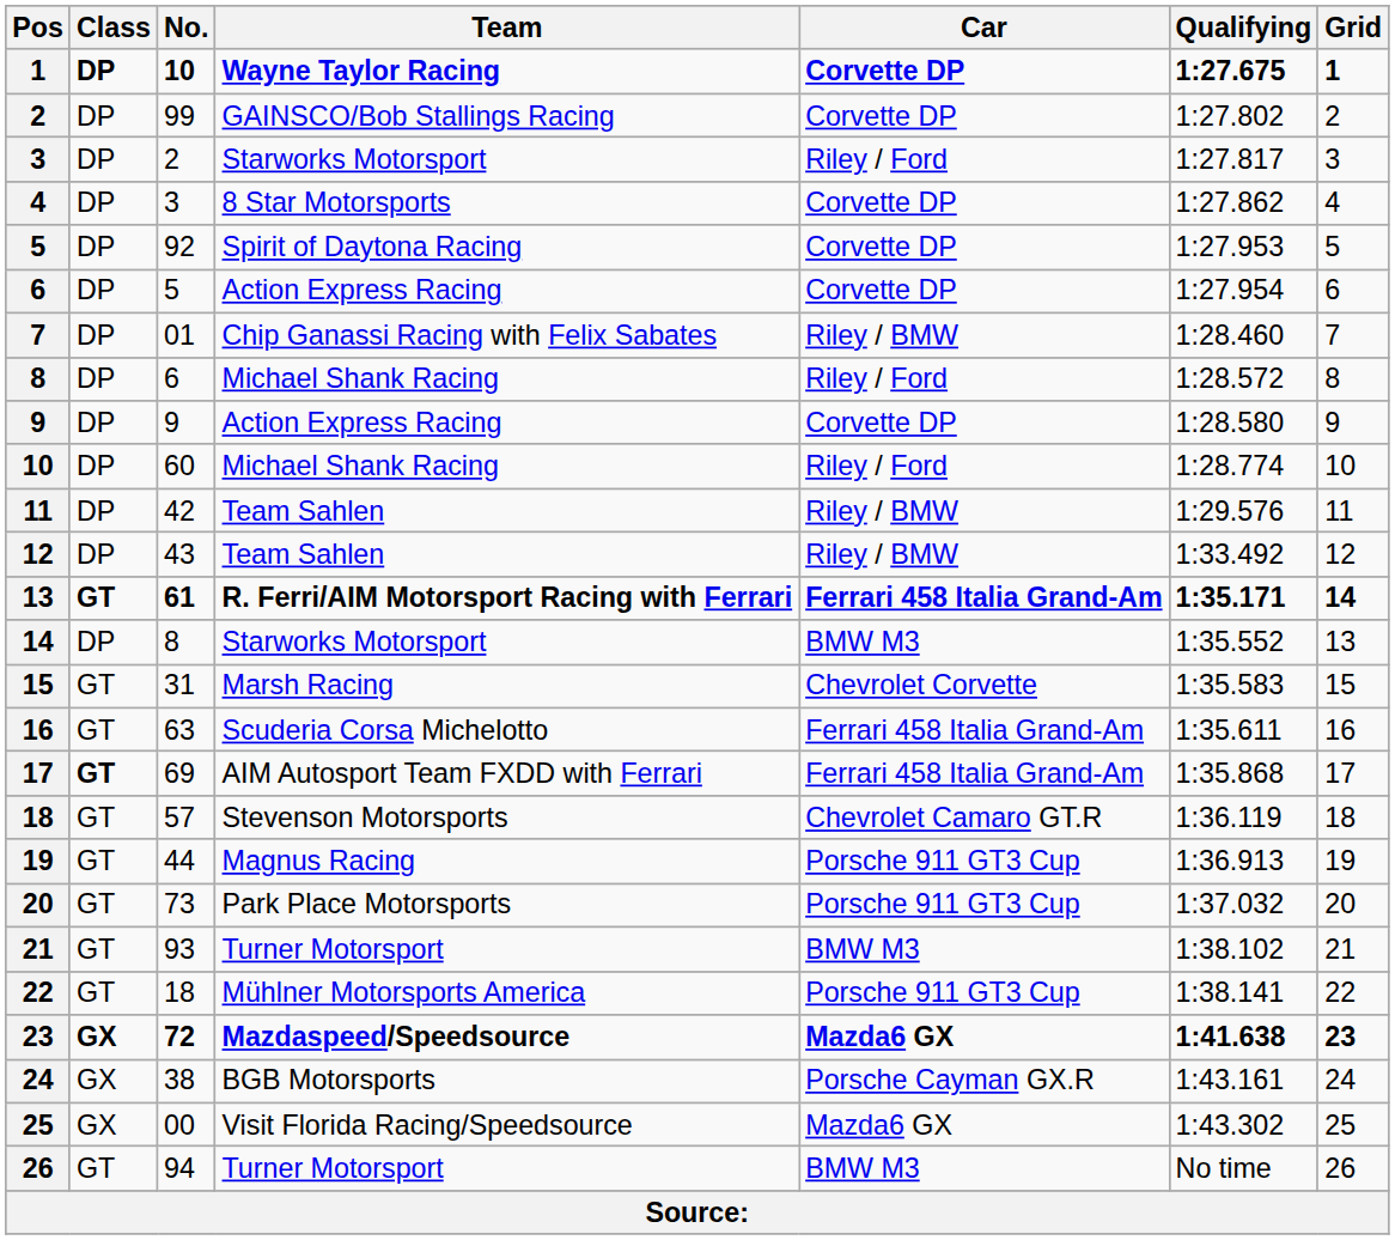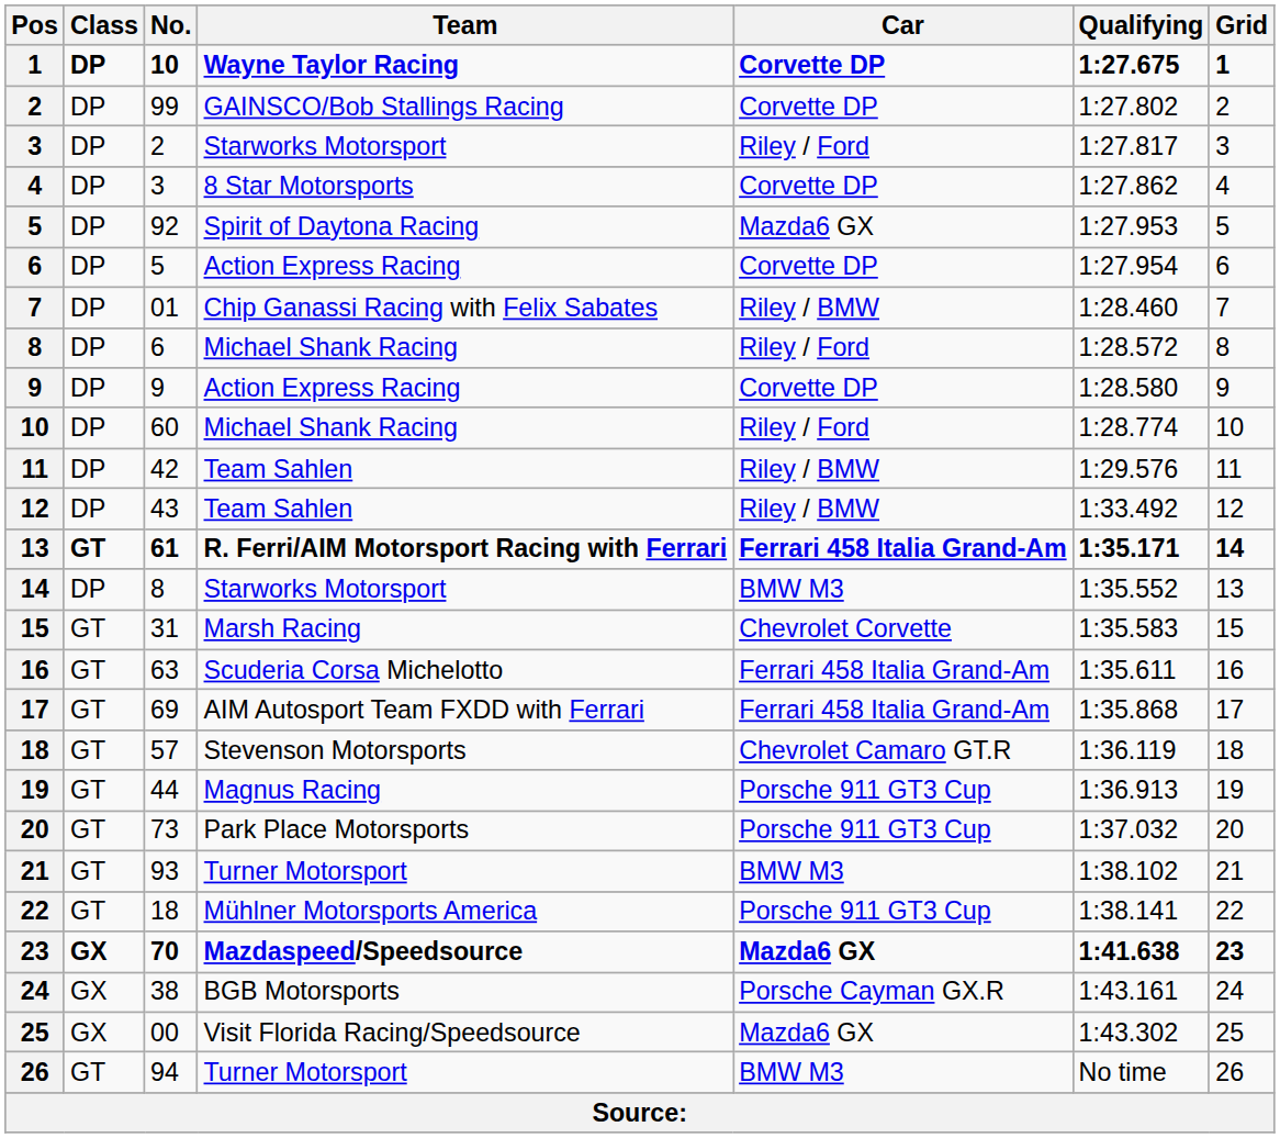 <table class="wikitable" style="font-size: 85%;">
 <tr>
 <th>Pos</th>
 <th>Class</th>
 <th>No.</th>
 <th>Team</th>
 <th>Car</th>
 <th>Qualifying</th>
 <th>Grid</th>
 </tr>
 <tr>
 <th>1</th>
 <td><strong>DP</strong></td>
 <td><strong>10</strong></td>
 <td><strong><a href='#'>Wayne Taylor Racing</a></strong></td>
 <td><a href='#'><strong>Corvette DP</strong></a></td>
 <td><strong>1:27.675</strong></td>
 <td><strong>1</strong></td>
 </tr>
 <tr>
 <th>2</th>
 <td>DP</td>
 <td>99</td>
 <td><a href='#'>GAINSCO/Bob Stallings Racing</a></td>
 <td><a href='#'>Corvette DP</a></td>
 <td>1:27.802</td>
 <td>2</td>
 </tr>
 <tr>
 <th>3</th>
 <td>DP</td>
 <td>2</td>
 <td><a href='#'>Starworks Motorsport</a></td>
 <td><a href='#'>Riley</a> / <a href='#'>Ford</a></td>
 <td>1:27.817</td>
 <td>3</td>
 </tr>
 <tr>
 <th>4</th>
 <td>DP</td>
 <td>3</td>
 <td><a href='#'>8 Star Motorsports</a></td>
 <td><a href='#'>Corvette DP</a></td>
 <td>1:27.862</td>
 <td>4</td>
 </tr>
 <tr>
 <th>5</th>
 <td>DP</td>
 <td>92</td>
 <td><a href='#'>Spirit of Daytona Racing</a></td>
-<td><a href='#'>Corvette DP</a></td>
+<td><a href='#'>Mazda6</a> GX</td>
 <td>1:27.953</td>
 <td>5</td>
 </tr>
 <tr>
 <th>6</th>
 <td>DP</td>
 <td>5</td>
 <td><a href='#'>Action Express Racing</a></td>
 <td><a href='#'>Corvette DP</a></td>
 <td>1:27.954</td>
 <td>6</td>
 </tr>
 <tr>
 <th>7</th>
 <td>DP</td>
 <td>01</td>
 <td><a href='#'>Chip Ganassi Racing</a> with <a href='#'>Felix Sabates</a></td>
 <td><a href='#'>Riley</a> / <a href='#'>BMW</a></td>
 <td>1:28.460</td>
 <td>7</td>
 </tr>
 <tr>
 <th>8</th>
 <td>DP</td>
 <td>6</td>
 <td><a href='#'>Michael Shank Racing</a></td>
 <td><a href='#'>Riley</a> / <a href='#'>Ford</a></td>
 <td>1:28.572</td>
 <td>8</td>
 </tr>
 <tr>
 <th>9</th>
 <td>DP</td>
 <td>9</td>
 <td><a href='#'>Action Express Racing</a></td>
 <td><a href='#'>Corvette DP</a></td>
 <td>1:28.580</td>
 <td>9</td>
 </tr>
 <tr>
 <th>10</th>
 <td>DP</td>
 <td>60</td>
 <td><a href='#'>Michael Shank Racing</a></td>
 <td><a href='#'>Riley</a> / <a href='#'>Ford</a></td>
 <td>1:28.774</td>
 <td>10</td>
 </tr>
 <tr>
 <th>11</th>
 <td>DP</td>
 <td>42</td>
 <td><a href='#'>Team Sahlen</a></td>
 <td><a href='#'>Riley</a> / <a href='#'>BMW</a></td>
 <td>1:29.576</td>
 <td>11</td>
 </tr>
 <tr>
 <th>12</th>
 <td>DP</td>
 <td>43</td>
 <td><a href='#'>Team Sahlen</a></td>
 <td><a href='#'>Riley</a> / <a href='#'>BMW</a></td>
 <td>1:33.492</td>
 <td>12</td>
 </tr>
 <tr>
 <th>13</th>
 <td><strong>GT</strong></td>
 <td><strong>61</strong></td>
 <td><strong>R. Ferri/AIM Motorsport Racing with <a href='#'>Ferrari</a></strong></td>
 <td><a href='#'><strong>Ferrari 458 Italia Grand-Am</strong></a></td>
 <td><strong>1:35.171</strong></td>
 <td><strong>14</strong></td>
 </tr>
 <tr>
 <th>14</th>
 <td>DP</td>
 <td>8</td>
 <td><a href='#'>Starworks Motorsport</a></td>
 <td><a href='#'>BMW M3</a></td>
 <td>1:35.552</td>
 <td>13</td>
 </tr>
 <tr>
 <th>15</th>
 <td>GT</td>
 <td>31</td>
 <td><a href='#'>Marsh Racing</a></td>
 <td><a href='#'>Chevrolet Corvette</a></td>
 <td>1:35.583</td>
 <td>15</td>
 </tr>
 <tr>
 <th>16</th>
 <td>GT</td>
 <td>63</td>
 <td><a href='#'>Scuderia Corsa</a> Michelotto</td>
 <td><a href='#'>Ferrari 458 Italia Grand-Am</a></td>
 <td>1:35.611</td>
 <td>16</td>
 </tr>
 <tr>
 <th>17</th>
-<td><strong>GT</strong></td>
+<td>GT</td>
 <td>69</td>
 <td>AIM Autosport Team FXDD with <a href='#'>Ferrari</a></td>
 <td><a href='#'>Ferrari 458 Italia Grand-Am</a></td>
 <td>1:35.868</td>
 <td>17</td>
 </tr>
 <tr>
 <th>18</th>
 <td>GT</td>
 <td>57</td>
 <td>Stevenson Motorsports</td>
 <td><a href='#'>Chevrolet Camaro</a> GT.R</td>
 <td>1:36.119</td>
 <td>18</td>
 </tr>
 <tr>
 <th>19</th>
 <td>GT</td>
 <td>44</td>
 <td><a href='#'>Magnus Racing</a></td>
 <td><a href='#'>Porsche 911 GT3 Cup</a></td>
 <td>1:36.913</td>
 <td>19</td>
 </tr>
 <tr>
 <th>20</th>
 <td>GT</td>
 <td>73</td>
 <td>Park Place Motorsports</td>
 <td><a href='#'>Porsche 911 GT3 Cup</a></td>
 <td>1:37.032</td>
 <td>20</td>
 </tr>
 <tr>
 <th>21</th>
 <td>GT</td>
 <td>93</td>
 <td><a href='#'>Turner Motorsport</a></td>
 <td><a href='#'>BMW M3</a></td>
 <td>1:38.102</td>
 <td>21</td>
 </tr>
 <tr>
 <th>22</th>
 <td>GT</td>
 <td>18</td>
 <td><a href='#'>Mühlner Motorsports America</a></td>
 <td><a href='#'>Porsche 911 GT3 Cup</a></td>
 <td>1:38.141</td>
 <td>22</td>
 </tr>
 <tr>
 <th>23</th>
 <td><strong>GX</strong></td>
-<td><strong>72</strong></td>
+<td><strong>70</strong></td>
 <td><strong><a href='#'>Mazdaspeed</a>/Speedsource</strong></td>
 <td><strong><a href='#'>Mazda6</a> GX</strong></td>
 <td><strong>1:41.638</strong></td>
 <td><strong>23</strong></td>
 </tr>
 <tr>
 <th>24</th>
 <td>GX</td>
 <td>38</td>
 <td>BGB Motorsports</td>
 <td><a href='#'>Porsche Cayman</a> GX.R</td>
 <td>1:43.161</td>
 <td>24</td>
 </tr>
 <tr>
 <th>25</th>
 <td>GX</td>
 <td>00</td>
 <td>Visit Florida Racing/Speedsource</td>
 <td><a href='#'>Mazda6</a> GX</td>
 <td>1:43.302</td>
 <td>25</td>
 </tr>
 <tr>
 <th>26</th>
 <td>GT</td>
 <td>94</td>
 <td><a href='#'>Turner Motorsport</a></td>
 <td><a href='#'>BMW M3</a></td>
 <td>No time</td>
 <td>26</td>
 </tr>
 <tr>
 <th colspan="7">Source:</th>
 </tr>
 </table>
